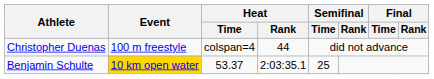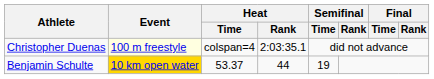 <table class=wikitable style="font-size:90%">
 <tr>
 <th rowspan="2">Athlete</th>
 <th rowspan="2">Event</th>
 <th colspan="2">Heat</th>
 <th colspan="2">Semifinal</th>
 <th colspan="2">Final</th>
 </tr>
 <tr style="font-size:95%">
 <th>Time</th>
 <th>Rank</th>
 <th>Time</th>
 <th>Rank</th>
 <th>Time</th>
 <th>Rank</th>
 </tr>
 <tr align=center>
 <td align=left><a href='#'>Christopher Duenas</a></td>
-<td align=left><a href='#'>100 m freestyle</a></td>
+<td align=left style="background: lightyellow;"><a href='#'>100 m freestyle</a></td>
 <td>colspan=4 </td>
-<td>44</td>
+<td>2:03:35.1</td>
 <td colspan=4>did not advance</td>
 </tr>
 <tr align=center>
 <td align=left><a href='#'>Benjamin Schulte</a></td>
 <td align=left style="background: gold;"><a href='#'>10 km open water</a></td>
 <td>53.37</td>
-<td>2:03:35.1</td>
-<td>25</td>
+<td>44</td>
+<td>19</td>
 </tr>
 </table>
